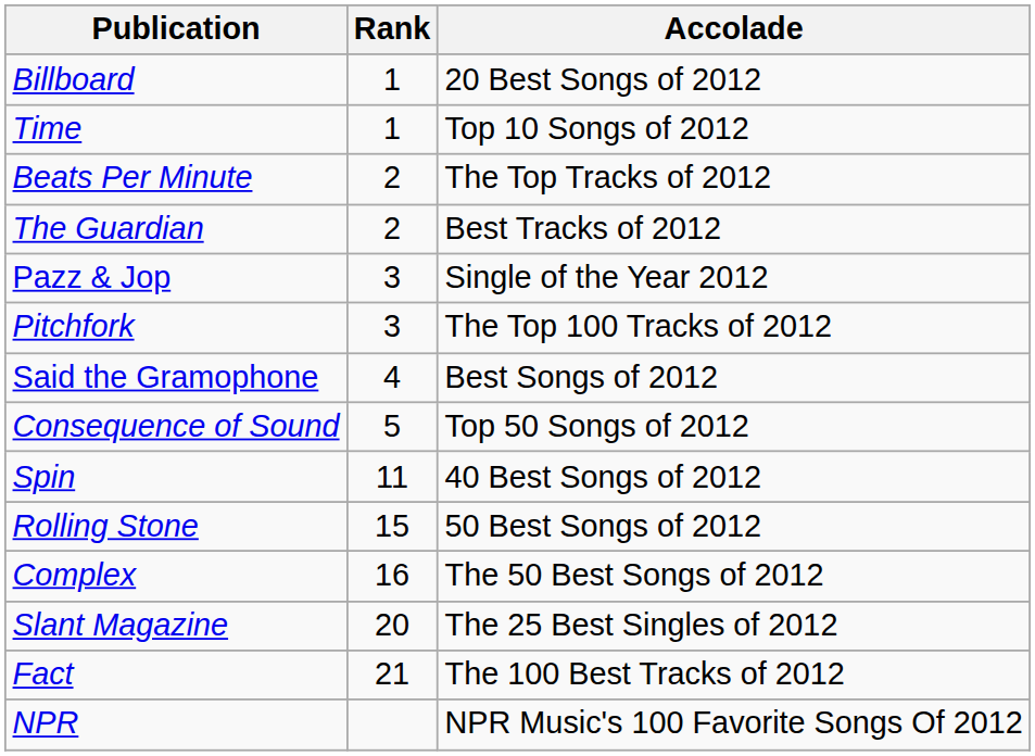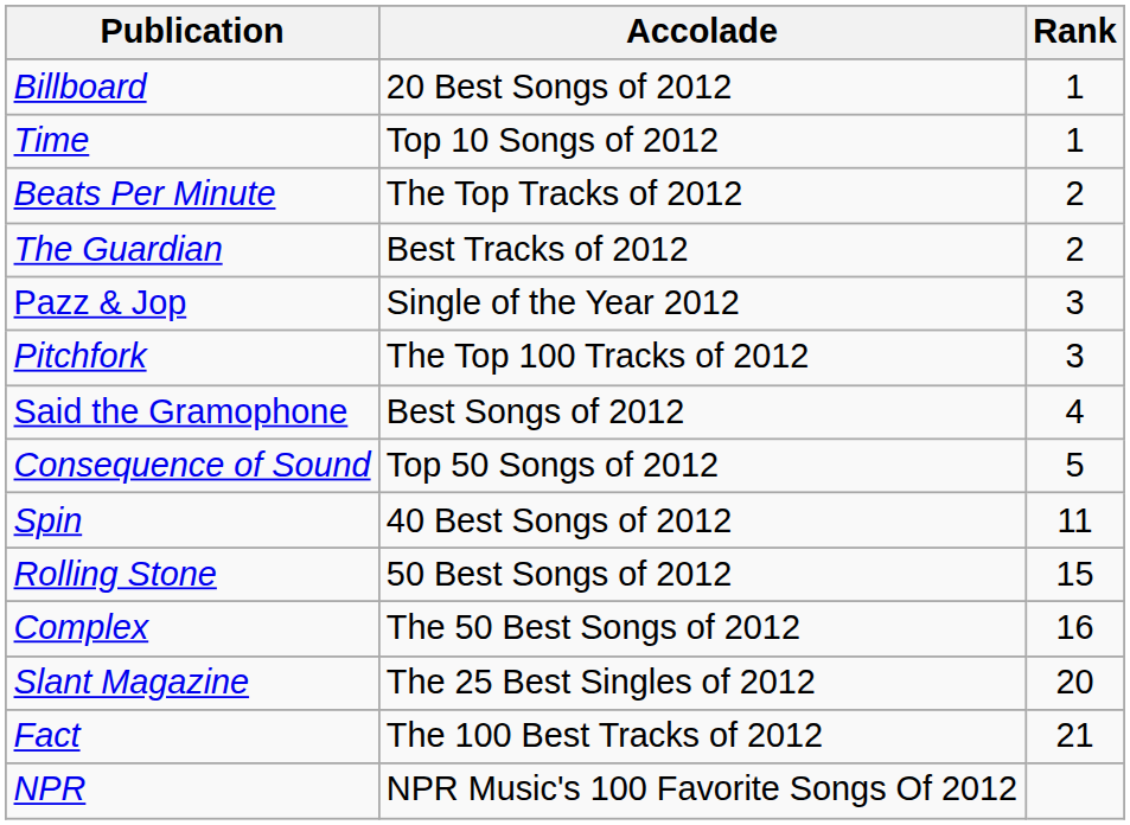 <table class="wikitable plainrowheaders">
 <tr>
 <th>Publication</th>
+<th>Accolade</th>
 <th>Rank</th>
-<th>Accolade</th>
 </tr>
 <tr>
 <td><em><a href='#'>Billboard</a></em></td>
+<td>20 Best Songs of 2012</td>
 <td style="text-align:center;”">1</td>
-<td>20 Best Songs of 2012</td>
 </tr>
 <tr>
 <td><em><a href='#'>Time</a></em></td>
+<td>Top 10 Songs of 2012</td>
 <td style="text-align:center;”">1</td>
-<td>Top 10 Songs of 2012</td>
 </tr>
 <tr>
 <td><em><a href='#'>Beats Per Minute</a></em></td>
+<td>The Top Tracks of 2012</td>
 <td style="text-align:center;”">2</td>
-<td>The Top Tracks of 2012</td>
 </tr>
 <tr>
 <td><em><a href='#'>The Guardian</a></em></td>
+<td>Best Tracks of 2012</td>
 <td style="text-align:center;”">2</td>
-<td>Best Tracks of 2012</td>
 </tr>
 <tr>
 <td><a href='#'>Pazz & Jop</a></td>
+<td>Single of the Year 2012</td>
 <td style="text-align:center;”">3</td>
-<td>Single of the Year 2012</td>
 </tr>
 <tr>
 <td><em><a href='#'>Pitchfork</a></em></td>
+<td>The Top 100 Tracks of 2012</td>
 <td style="text-align:center;”">3</td>
-<td>The Top 100 Tracks of 2012</td>
 </tr>
 <tr>
 <td><a href='#'>Said the Gramophone</a></td>
+<td>Best Songs of 2012</td>
 <td style="text-align:center;”">4</td>
-<td>Best Songs of 2012</td>
 </tr>
 <tr>
 <td><em><a href='#'>Consequence of Sound</a></em></td>
+<td>Top 50 Songs of 2012</td>
 <td style="text-align:center;”">5</td>
-<td>Top 50 Songs of 2012</td>
 </tr>
 <tr>
 <td><em><a href='#'>Spin</a></em></td>
+<td>40 Best Songs of 2012</td>
 <td style="text-align:center;”">11</td>
-<td>40 Best Songs of 2012</td>
 </tr>
 <tr>
 <td><em><a href='#'>Rolling Stone</a></em></td>
+<td>50 Best Songs of 2012</td>
 <td style="text-align:center;”">15</td>
-<td>50 Best Songs of 2012</td>
 </tr>
 <tr>
 <td><em><a href='#'>Complex</a></em></td>
+<td>The 50 Best Songs of 2012</td>
 <td style="text-align:center;”">16</td>
-<td>The 50 Best Songs of 2012</td>
 </tr>
 <tr>
 <td><em><a href='#'>Slant Magazine</a></em></td>
+<td>The 25 Best Singles of 2012</td>
 <td style="text-align:center;”">20</td>
-<td>The 25 Best Singles of 2012</td>
 </tr>
 <tr>
 <td><em><a href='#'>Fact</a></em></td>
+<td>The 100 Best Tracks of 2012</td>
 <td style="text-align:center;”">21</td>
-<td>The 100 Best Tracks of 2012</td>
 </tr>
 <tr>
 <td><em><a href='#'>NPR</a></em></td>
+<td>NPR Music's 100 Favorite Songs Of 2012 </td>
 <td style="text-align:center;”"></td>
-<td>NPR Music's 100 Favorite Songs Of 2012 </td>
 </tr>
 </table>
